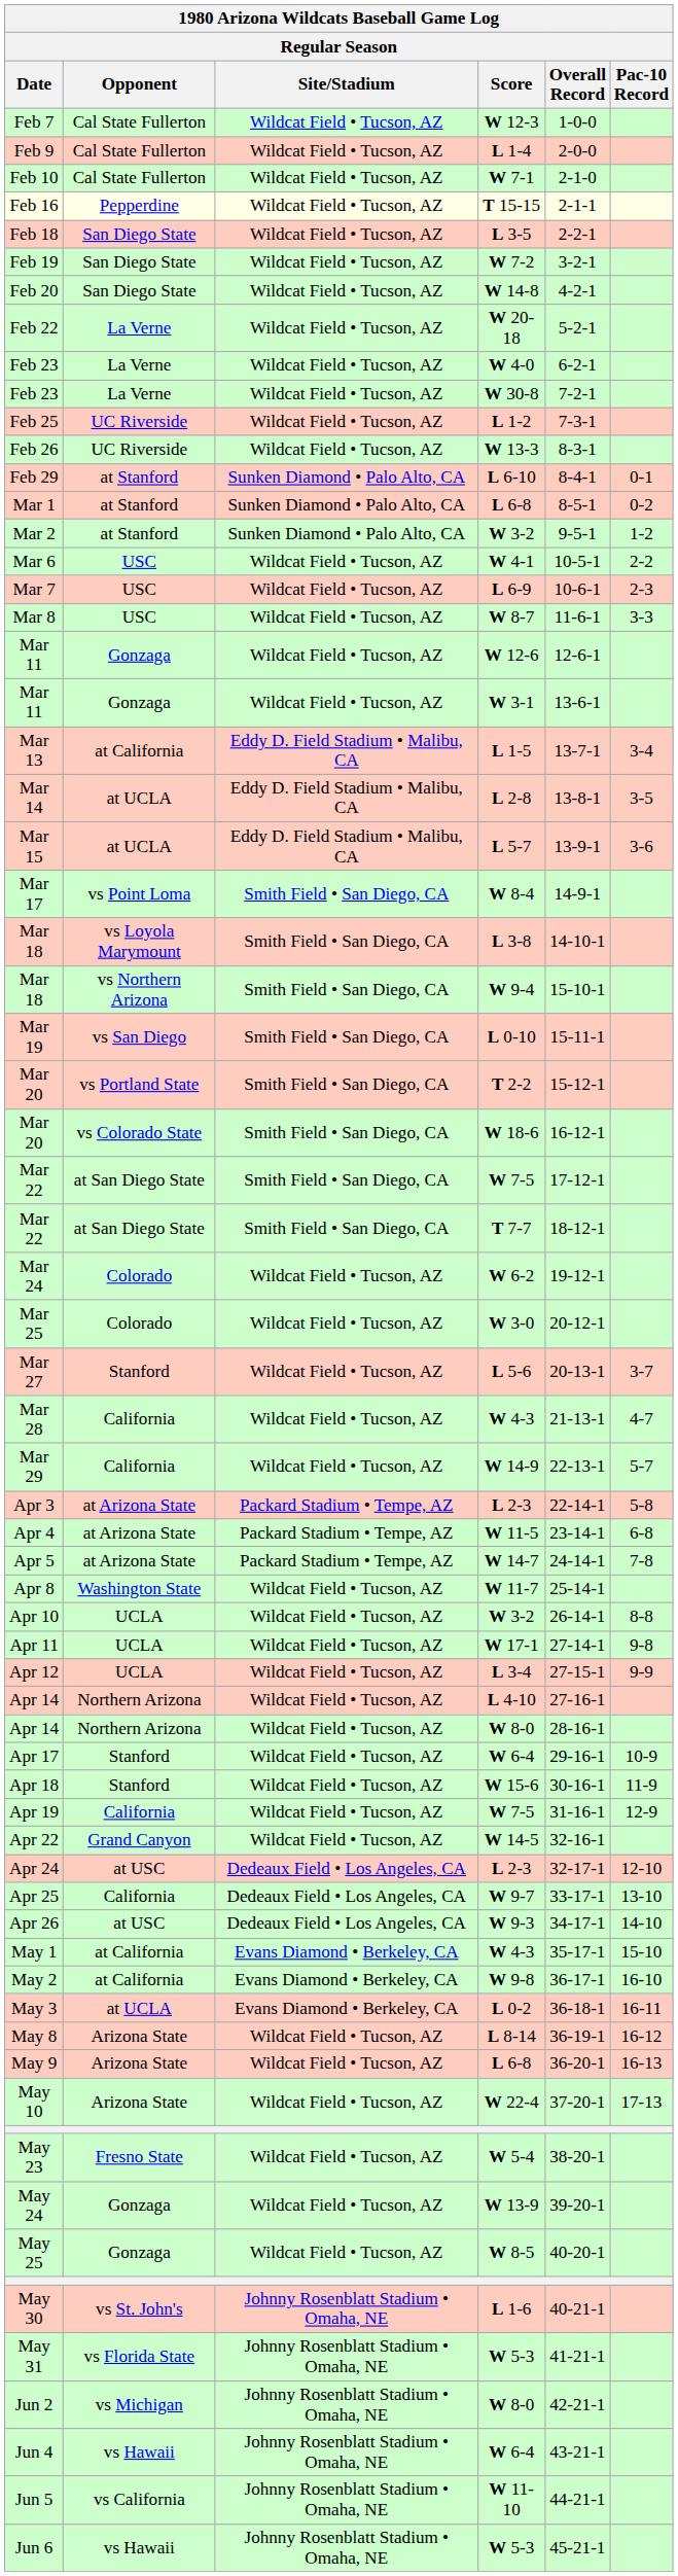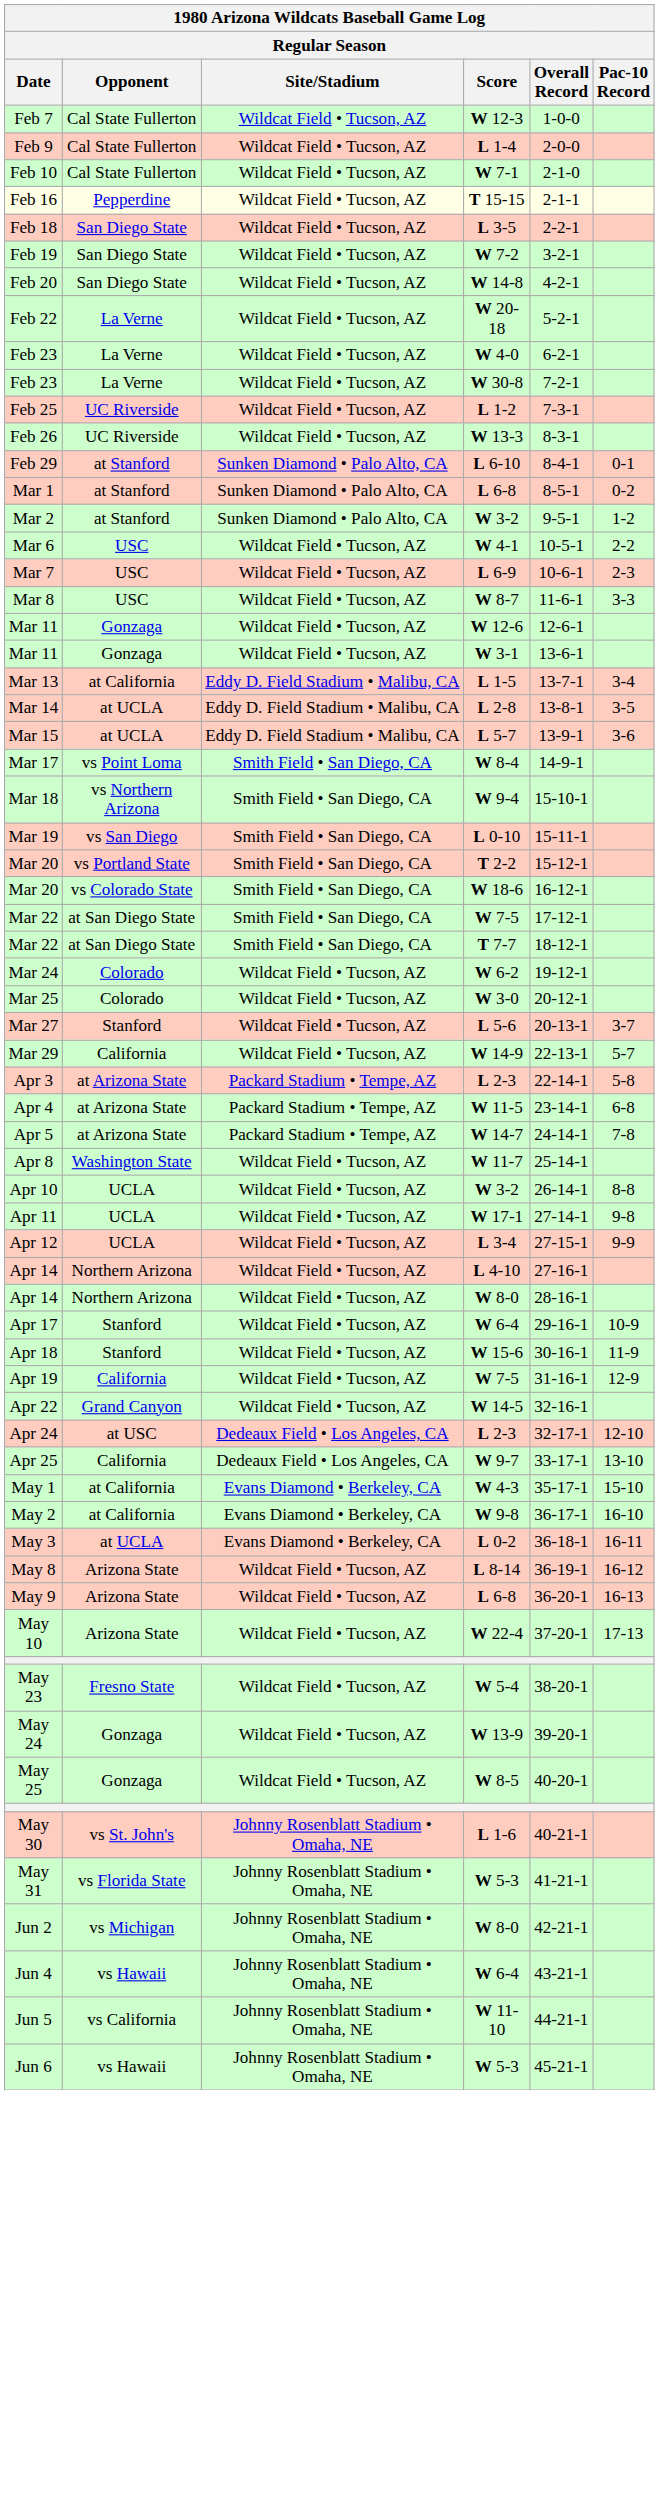 <table class="wikitable">
 <tr>
 <th colspan="6">1980 Arizona Wildcats Baseball Game Log</th>
 </tr>
 <tr>
 <th colspan="6">Regular Season</th>
 </tr>
 <tr>
 <th>Date</th>
 <th>Opponent</th>
 <th>Site/Stadium</th>
 <th>Score</th>
 <th>Overall<br>Record</th>
 <th>Pac-10<br>Record</th>
 </tr>
 <tr bgcolor="ccffcc" align="center">
 <td>Feb 7</td>
 <td>Cal State Fullerton</td>
 <td><a href='#'>Wildcat Field</a> • <a href='#'>Tucson, AZ</a></td>
 <td><strong>W</strong> 12-3</td>
 <td>1-0-0</td>
 <td></td>
 </tr>
 <tr bgcolor="ffccc" align="center">
 <td>Feb 9</td>
 <td>Cal State Fullerton</td>
 <td>Wildcat Field • Tucson, AZ</td>
 <td><strong>L</strong> 1-4</td>
 <td>2-0-0</td>
 <td></td>
 </tr>
 <tr bgcolor="ccffcc" align="center">
 <td>Feb 10</td>
 <td>Cal State Fullerton</td>
 <td>Wildcat Field • Tucson, AZ</td>
 <td><strong>W</strong> 7-1</td>
 <td>2-1-0</td>
 <td></td>
 </tr>
 <tr bgcolor="ffffe6" align="center">
 <td>Feb 16</td>
 <td><a href='#'>Pepperdine</a></td>
 <td>Wildcat Field • Tucson, AZ</td>
 <td><strong>T</strong> 15-15</td>
 <td>2-1-1</td>
 <td></td>
 </tr>
 <tr bgcolor="ffccc" align="center">
 <td>Feb 18</td>
 <td><a href='#'>San Diego State</a></td>
 <td>Wildcat Field • Tucson, AZ</td>
 <td><strong>L</strong> 3-5</td>
 <td>2-2-1</td>
 <td></td>
 </tr>
 <tr bgcolor="ccffcc" align="center">
 <td>Feb 19</td>
 <td>San Diego State</td>
 <td>Wildcat Field • Tucson, AZ</td>
 <td><strong>W</strong> 7-2</td>
 <td>3-2-1</td>
 <td></td>
 </tr>
 <tr bgcolor="ccffcc" align="center">
 <td>Feb 20</td>
 <td>San Diego State</td>
 <td>Wildcat Field • Tucson, AZ</td>
 <td><strong>W</strong> 14-8</td>
 <td>4-2-1</td>
 <td></td>
 </tr>
 <tr bgcolor="ccffcc" align="center">
 <td>Feb 22</td>
 <td><a href='#'>La Verne</a></td>
 <td>Wildcat Field • Tucson, AZ</td>
 <td><strong>W</strong> 20-18</td>
 <td>5-2-1</td>
 <td></td>
 </tr>
 <tr bgcolor="ccffcc" align="center">
 <td>Feb 23</td>
 <td>La Verne</td>
 <td>Wildcat Field • Tucson, AZ</td>
 <td><strong>W</strong> 4-0</td>
 <td>6-2-1</td>
 <td></td>
 </tr>
 <tr bgcolor="ccffcc" align="center">
 <td>Feb 23</td>
 <td>La Verne</td>
 <td>Wildcat Field • Tucson, AZ</td>
 <td><strong>W</strong> 30-8</td>
 <td>7-2-1</td>
 <td></td>
 </tr>
 <tr bgcolor="ffccc" align="center">
 <td>Feb 25</td>
 <td><a href='#'>UC Riverside</a></td>
 <td>Wildcat Field • Tucson, AZ</td>
 <td><strong>L</strong> 1-2</td>
 <td>7-3-1</td>
 <td></td>
 </tr>
 <tr bgcolor="ccffcc" align="center">
 <td>Feb 26</td>
 <td>UC Riverside</td>
 <td>Wildcat Field • Tucson, AZ</td>
 <td><strong>W</strong> 13-3</td>
 <td>8-3-1</td>
 <td></td>
 </tr>
 <tr bgcolor="ffccc" align="center">
 <td>Feb 29</td>
 <td>at <a href='#'>Stanford</a></td>
 <td><a href='#'>Sunken Diamond</a> • <a href='#'>Palo Alto, CA</a></td>
 <td><strong>L</strong> 6-10</td>
 <td>8-4-1</td>
 <td>0-1</td>
 </tr>
 <tr bgcolor="ffccc" align="center">
 <td>Mar 1</td>
 <td>at Stanford</td>
 <td>Sunken Diamond • Palo Alto, CA</td>
 <td><strong>L</strong> 6-8</td>
 <td>8-5-1</td>
 <td>0-2</td>
 </tr>
 <tr bgcolor="ccffcc" align="center">
 <td>Mar 2</td>
 <td>at Stanford</td>
 <td>Sunken Diamond • Palo Alto, CA</td>
 <td><strong>W</strong> 3-2</td>
 <td>9-5-1</td>
 <td>1-2</td>
 </tr>
 <tr bgcolor="ccffcc" align="center">
 <td>Mar 6</td>
 <td><a href='#'>USC</a></td>
 <td>Wildcat Field • Tucson, AZ</td>
 <td><strong>W</strong> 4-1</td>
 <td>10-5-1</td>
 <td>2-2</td>
 </tr>
 <tr bgcolor="ffccc" align="center">
 <td>Mar 7</td>
 <td>USC</td>
 <td>Wildcat Field • Tucson, AZ</td>
 <td><strong>L</strong> 6-9</td>
 <td>10-6-1</td>
 <td>2-3</td>
 </tr>
 <tr bgcolor="ccffcc" align="center">
 <td>Mar 8</td>
 <td>USC</td>
 <td>Wildcat Field • Tucson, AZ</td>
 <td><strong>W</strong> 8-7</td>
 <td>11-6-1</td>
 <td>3-3</td>
 </tr>
 <tr bgcolor="ccffcc" align="center">
 <td>Mar 11</td>
 <td><a href='#'>Gonzaga</a></td>
 <td>Wildcat Field • Tucson, AZ</td>
 <td><strong>W</strong> 12-6</td>
 <td>12-6-1</td>
 <td></td>
 </tr>
 <tr bgcolor="ccffcc" align="center">
 <td>Mar 11</td>
 <td>Gonzaga</td>
 <td>Wildcat Field • Tucson, AZ</td>
 <td><strong>W</strong> 3-1</td>
 <td>13-6-1</td>
 <td></td>
 </tr>
 <tr bgcolor="ffccc" align="center">
 <td>Mar 13</td>
 <td>at California</td>
 <td><a href='#'>Eddy D. Field Stadium</a> • <a href='#'>Malibu, CA</a></td>
 <td><strong>L</strong> 1-5</td>
 <td>13-7-1</td>
 <td>3-4</td>
 </tr>
 <tr bgcolor="ffccc" align="center">
 <td>Mar 14</td>
 <td>at UCLA</td>
 <td>Eddy D. Field Stadium • Malibu, CA</td>
 <td><strong>L</strong> 2-8</td>
 <td>13-8-1</td>
 <td>3-5</td>
 </tr>
 <tr bgcolor="ffccc" align="center">
 <td>Mar 15</td>
 <td>at UCLA</td>
 <td>Eddy D. Field Stadium • Malibu, CA</td>
 <td><strong>L</strong> 5-7</td>
 <td>13-9-1</td>
 <td>3-6</td>
 </tr>
 <tr bgcolor="ccffcc" align="center">
 <td>Mar 17</td>
 <td>vs <a href='#'>Point Loma</a></td>
 <td><a href='#'>Smith Field</a> • <a href='#'>San Diego, CA</a></td>
 <td><strong>W</strong> 8-4</td>
 <td>14-9-1</td>
 <td></td>
 </tr>
-<tr bgcolor="ffccc" align="center">
-<td>Mar 18</td>
-<td>vs <a href='#'>Loyola Marymount</a></td>
-<td>Smith Field • San Diego, CA</td>
-<td><strong>L</strong> 3-8</td>
-<td>14-10-1</td>
-<td></td>
-</tr>
 <tr bgcolor="ccffcc" align="center">
 <td>Mar 18</td>
 <td>vs <a href='#'>Northern Arizona</a></td>
 <td>Smith Field • San Diego, CA</td>
 <td><strong>W</strong> 9-4</td>
 <td>15-10-1</td>
 <td></td>
 </tr>
 <tr bgcolor="ffccc" align="center">
 <td>Mar 19</td>
 <td>vs <a href='#'>San Diego</a></td>
 <td>Smith Field • San Diego, CA</td>
 <td><strong>L</strong> 0-10</td>
 <td>15-11-1</td>
 <td></td>
 </tr>
 <tr bgcolor="ffccc" align="center">
 <td>Mar 20</td>
 <td>vs <a href='#'>Portland State</a></td>
 <td>Smith Field • San Diego, CA</td>
 <td><strong>T</strong> 2-2</td>
 <td>15-12-1</td>
 <td></td>
 </tr>
 <tr bgcolor="ccffcc" align="center">
 <td>Mar 20</td>
 <td>vs <a href='#'>Colorado State</a></td>
 <td>Smith Field • San Diego, CA</td>
 <td><strong>W</strong> 18-6</td>
 <td>16-12-1</td>
 <td></td>
 </tr>
 <tr bgcolor="ccffcc" align="center">
 <td>Mar 22</td>
 <td>at San Diego State</td>
 <td>Smith Field • San Diego, CA</td>
 <td><strong>W</strong> 7-5</td>
 <td>17-12-1</td>
 <td></td>
 </tr>
 <tr bgcolor="ccffcc" align="center">
 <td>Mar 22</td>
 <td>at San Diego State</td>
 <td>Smith Field • San Diego, CA</td>
 <td><strong>T</strong> 7-7</td>
 <td>18-12-1</td>
 <td></td>
 </tr>
 <tr bgcolor="ccffcc" align="center">
 <td>Mar 24</td>
 <td><a href='#'>Colorado</a></td>
 <td>Wildcat Field • Tucson, AZ</td>
 <td><strong>W</strong> 6-2</td>
 <td>19-12-1</td>
 <td></td>
 </tr>
 <tr bgcolor="ccffcc" align="center">
 <td>Mar 25</td>
 <td>Colorado</td>
 <td>Wildcat Field • Tucson, AZ</td>
 <td><strong>W</strong> 3-0</td>
 <td>20-12-1</td>
 <td></td>
 </tr>
 <tr bgcolor="ffccc" align="center">
 <td>Mar 27</td>
 <td>Stanford</td>
 <td>Wildcat Field • Tucson, AZ</td>
 <td><strong>L</strong> 5-6</td>
 <td>20-13-1</td>
 <td>3-7</td>
-</tr>
-<tr bgcolor="ccffcc" align="center">
-<td>Mar 28</td>
-<td>California</td>
-<td>Wildcat Field • Tucson, AZ</td>
-<td><strong>W</strong> 4-3</td>
-<td>21-13-1</td>
-<td>4-7</td>
 </tr>
 <tr bgcolor="ccffcc" align="center">
 <td>Mar 29</td>
 <td>California</td>
 <td>Wildcat Field • Tucson, AZ</td>
 <td><strong>W</strong> 14-9</td>
 <td>22-13-1</td>
 <td>5-7</td>
 </tr>
 <tr bgcolor="ffccc" align="center">
 <td>Apr 3</td>
 <td>at <a href='#'>Arizona State</a></td>
 <td><a href='#'>Packard Stadium</a> • <a href='#'>Tempe, AZ</a></td>
 <td><strong>L</strong> 2-3</td>
 <td>22-14-1</td>
 <td>5-8</td>
 </tr>
 <tr bgcolor="ccffcc" align="center">
 <td>Apr 4</td>
 <td>at Arizona State</td>
 <td>Packard Stadium • Tempe, AZ</td>
 <td><strong>W</strong> 11-5</td>
 <td>23-14-1</td>
 <td>6-8</td>
 </tr>
 <tr bgcolor="ccffcc" align="center">
 <td>Apr 5</td>
 <td>at Arizona State</td>
 <td>Packard Stadium • Tempe, AZ</td>
 <td><strong>W</strong> 14-7</td>
 <td>24-14-1</td>
 <td>7-8</td>
 </tr>
 <tr bgcolor="ccffcc" align="center">
 <td>Apr 8</td>
 <td><a href='#'>Washington State</a></td>
 <td>Wildcat Field • Tucson, AZ</td>
 <td><strong>W</strong> 11-7</td>
 <td>25-14-1</td>
 <td></td>
 </tr>
 <tr bgcolor="ccffcc" align="center">
 <td>Apr 10</td>
 <td>UCLA</td>
 <td>Wildcat Field • Tucson, AZ</td>
 <td><strong>W</strong> 3-2</td>
 <td>26-14-1</td>
 <td>8-8</td>
 </tr>
 <tr bgcolor="ccffcc" align="center">
 <td>Apr 11</td>
 <td>UCLA</td>
 <td>Wildcat Field • Tucson, AZ</td>
 <td><strong>W</strong> 17-1</td>
 <td>27-14-1</td>
 <td>9-8</td>
 </tr>
 <tr bgcolor="ffccc" align="center">
 <td>Apr 12</td>
 <td>UCLA</td>
 <td>Wildcat Field • Tucson, AZ</td>
 <td><strong>L</strong> 3-4</td>
 <td>27-15-1</td>
 <td>9-9</td>
 </tr>
 <tr bgcolor="ffccc" align="center">
 <td>Apr 14</td>
 <td>Northern Arizona</td>
 <td>Wildcat Field • Tucson, AZ</td>
 <td><strong>L</strong> 4-10</td>
 <td>27-16-1</td>
 <td></td>
 </tr>
 <tr bgcolor="ccffcc" align="center">
 <td>Apr 14</td>
 <td>Northern Arizona</td>
 <td>Wildcat Field • Tucson, AZ</td>
 <td><strong>W</strong> 8-0</td>
 <td>28-16-1</td>
 <td></td>
 </tr>
 <tr bgcolor="ccffcc" align="center">
 <td>Apr 17</td>
 <td>Stanford</td>
 <td>Wildcat Field • Tucson, AZ</td>
 <td><strong>W</strong> 6-4</td>
 <td>29-16-1</td>
 <td>10-9</td>
 </tr>
 <tr bgcolor="ccffcc" align="center">
 <td>Apr 18</td>
 <td>Stanford</td>
 <td>Wildcat Field • Tucson, AZ</td>
 <td><strong>W</strong> 15-6</td>
 <td>30-16-1</td>
 <td>11-9</td>
 </tr>
 <tr bgcolor="ccffcc" align="center">
 <td>Apr 19</td>
 <td><a href='#'>California</a></td>
 <td>Wildcat Field • Tucson, AZ</td>
 <td><strong>W</strong> 7-5</td>
 <td>31-16-1</td>
 <td>12-9</td>
 </tr>
 <tr bgcolor="ccffcc" align="center">
 <td>Apr 22</td>
 <td><a href='#'>Grand Canyon</a></td>
 <td>Wildcat Field • Tucson, AZ</td>
 <td><strong>W</strong> 14-5</td>
 <td>32-16-1</td>
 <td></td>
 </tr>
 <tr bgcolor="ffccc" align="center">
 <td>Apr 24</td>
 <td>at USC</td>
 <td><a href='#'>Dedeaux Field</a> • <a href='#'>Los Angeles, CA</a></td>
 <td><strong>L</strong> 2-3</td>
 <td>32-17-1</td>
 <td>12-10</td>
 </tr>
 <tr bgcolor="ccffcc" align="center">
 <td>Apr 25</td>
 <td>California</td>
 <td>Dedeaux Field • Los Angeles, CA</td>
 <td><strong>W</strong> 9-7</td>
 <td>33-17-1</td>
 <td>13-10</td>
 </tr>
 <tr bgcolor="ccffcc" align="center">
-<td>Apr 26</td>
-<td>at USC</td>
-<td>Dedeaux Field • Los Angeles, CA</td>
-<td><strong>W</strong> 9-3</td>
-<td>34-17-1</td>
-<td>14-10</td>
-</tr>
-<tr bgcolor="ccffcc" align="center">
 <td>May 1</td>
 <td>at California</td>
 <td><a href='#'>Evans Diamond</a> • <a href='#'>Berkeley, CA</a></td>
 <td><strong>W</strong> 4-3</td>
 <td>35-17-1</td>
 <td>15-10</td>
 </tr>
 <tr bgcolor="ccffcc" align="center">
 <td>May 2</td>
 <td>at California</td>
 <td>Evans Diamond • Berkeley, CA</td>
 <td><strong>W</strong> 9-8</td>
 <td>36-17-1</td>
 <td>16-10</td>
 </tr>
 <tr bgcolor="ffccc" align="center">
 <td>May 3</td>
 <td>at <a href='#'>UCLA</a></td>
 <td>Evans Diamond • Berkeley, CA</td>
 <td><strong>L</strong> 0-2</td>
 <td>36-18-1</td>
 <td>16-11</td>
 </tr>
 <tr bgcolor="ffccc" align="center">
 <td>May 8</td>
 <td>Arizona State</td>
 <td>Wildcat Field • Tucson, AZ</td>
 <td><strong>L</strong> 8-14</td>
 <td>36-19-1</td>
 <td>16-12</td>
 </tr>
 <tr bgcolor="ffccc" align="center">
 <td>May 9</td>
 <td>Arizona State</td>
 <td>Wildcat Field • Tucson, AZ</td>
 <td><strong>L</strong> 6-8</td>
 <td>36-20-1</td>
 <td>16-13</td>
 </tr>
 <tr bgcolor="ccffcc" align="center">
 <td>May 10</td>
 <td>Arizona State</td>
 <td>Wildcat Field • Tucson, AZ</td>
 <td><strong>W</strong> 22-4</td>
 <td>37-20-1</td>
 <td>17-13</td>
 </tr>
 <tr>
 <th colspan="6"><a href='#'></a></th>
 </tr>
 <tr bgcolor="ccffcc" align="center">
 <td>May 23</td>
 <td><a href='#'>Fresno State</a></td>
 <td>Wildcat Field • Tucson, AZ</td>
 <td><strong>W</strong> 5-4</td>
 <td>38-20-1</td>
 <td></td>
 </tr>
 <tr bgcolor="ccffcc" align="center">
 <td>May 24</td>
 <td>Gonzaga</td>
 <td>Wildcat Field • Tucson, AZ</td>
 <td><strong>W</strong> 13-9</td>
 <td>39-20-1</td>
 <td></td>
 </tr>
 <tr bgcolor="ccffcc" align="center">
 <td>May 25</td>
 <td>Gonzaga</td>
 <td>Wildcat Field • Tucson, AZ</td>
 <td><strong>W</strong> 8-5</td>
 <td>40-20-1</td>
 <td></td>
 </tr>
 <tr>
 <th colspan="6"><a href='#'></a></th>
 </tr>
 <tr bgcolor="ffccc" align="center">
 <td>May 30</td>
 <td>vs <a href='#'>St. John's</a></td>
 <td><a href='#'>Johnny Rosenblatt Stadium</a> • <a href='#'>Omaha, NE</a></td>
 <td><strong>L</strong> 1-6</td>
 <td>40-21-1</td>
 <td></td>
 </tr>
 <tr bgcolor="ccffcc" align="center">
 <td>May 31</td>
 <td>vs <a href='#'>Florida State</a></td>
 <td>Johnny Rosenblatt Stadium • Omaha, NE</td>
 <td><strong>W</strong> 5-3</td>
 <td>41-21-1</td>
 <td></td>
 </tr>
 <tr bgcolor="ccffcc" align="center">
 <td>Jun 2</td>
 <td>vs <a href='#'>Michigan</a></td>
 <td>Johnny Rosenblatt Stadium • Omaha, NE</td>
 <td><strong>W</strong> 8-0</td>
 <td>42-21-1</td>
 <td></td>
 </tr>
 <tr bgcolor="ccffcc" align="center">
 <td>Jun 4</td>
 <td>vs <a href='#'>Hawaii</a></td>
 <td>Johnny Rosenblatt Stadium • Omaha, NE</td>
 <td><strong>W</strong> 6-4</td>
 <td>43-21-1</td>
 <td></td>
 </tr>
 <tr bgcolor="ccffcc" align="center">
 <td>Jun 5</td>
 <td>vs California</td>
 <td>Johnny Rosenblatt Stadium • Omaha, NE</td>
 <td><strong>W</strong> 11-10</td>
 <td>44-21-1</td>
 <td></td>
 </tr>
 <tr bgcolor="ccffcc" align="center">
 <td>Jun 6</td>
 <td>vs Hawaii</td>
 <td>Johnny Rosenblatt Stadium • Omaha, NE</td>
 <td><strong>W</strong> 5-3</td>
 <td>45-21-1</td>
 <td></td>
 </tr>
 </table>
